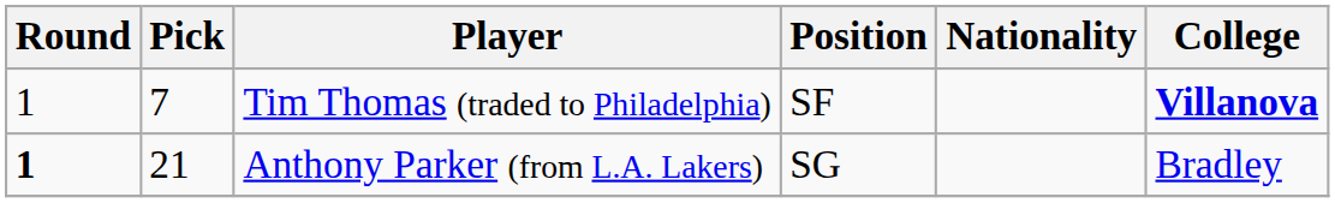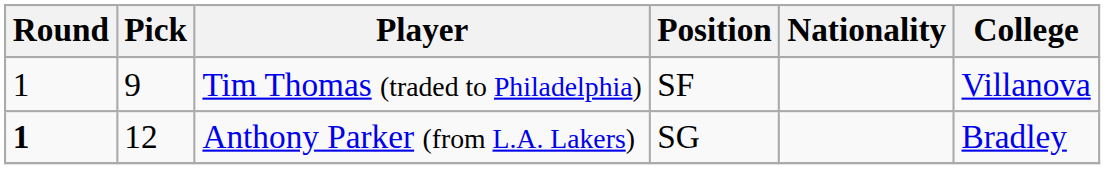 <table class="wikitable sortable sortable">
 <tr>
 <th>Round</th>
 <th>Pick</th>
 <th>Player</th>
 <th>Position</th>
 <th>Nationality</th>
 <th>College</th>
 </tr>
 <tr>
 <td>1</td>
-<td>7</td>
+<td>9</td>
 <td><a href='#'>Tim Thomas</a> <small>(traded to <a href='#'>Philadelphia</a>)</small></td>
 <td>SF</td>
 <td></td>
-<td><strong><a href='#'>Villanova</a></strong></td>
+<td><a href='#'>Villanova</a></td>
 </tr>
 <tr>
 <td><strong>1</strong></td>
-<td>21</td>
+<td>12</td>
 <td><a href='#'>Anthony Parker</a> <small>(from <a href='#'>L.A. Lakers</a>)</small></td>
 <td>SG</td>
 <td></td>
 <td><a href='#'>Bradley</a></td>
 </tr>
 <tr>
 </tr>
 </table>
